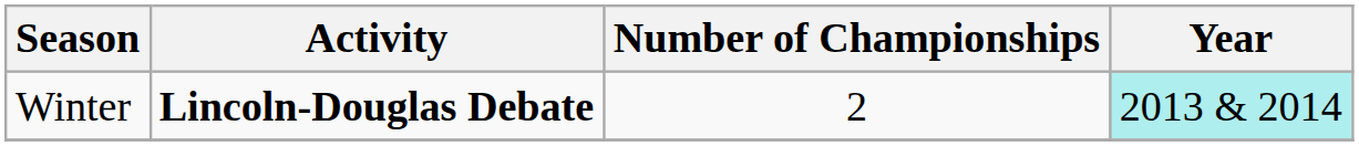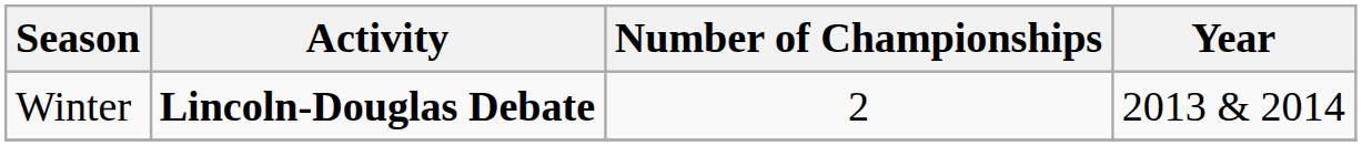 <table class="wikitable">
 <tr>
 <th>Season</th>
 <th>Activity</th>
 <th>Number of Championships</th>
 <th>Year</th>
 </tr>
 <tr>
 <td rowspan="1">Winter</td>
 <td><strong>Lincoln-Douglas Debate</strong></td>
 <td align="center">2</td>
-<td style="background: paleturquoise;">2013 & 2014</td>
+<td>2013 & 2014</td>
 </tr>
 <tr>
 </tr>
 </table>
